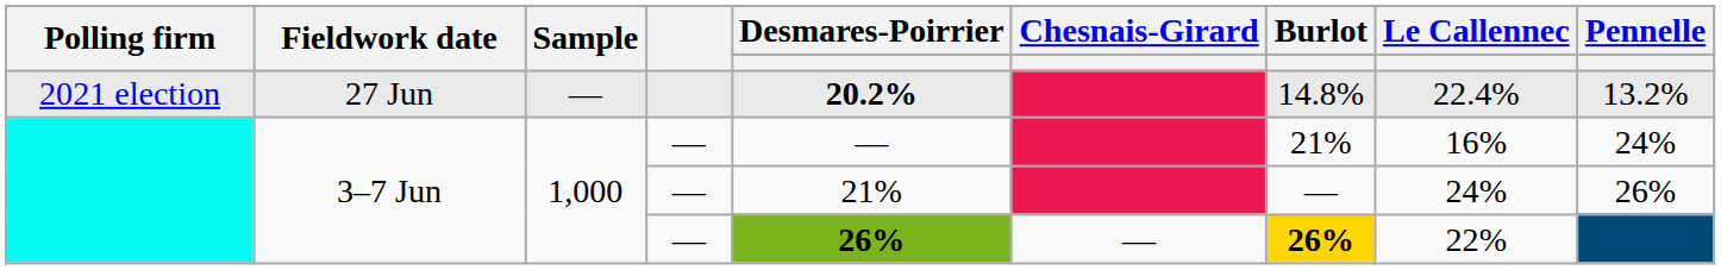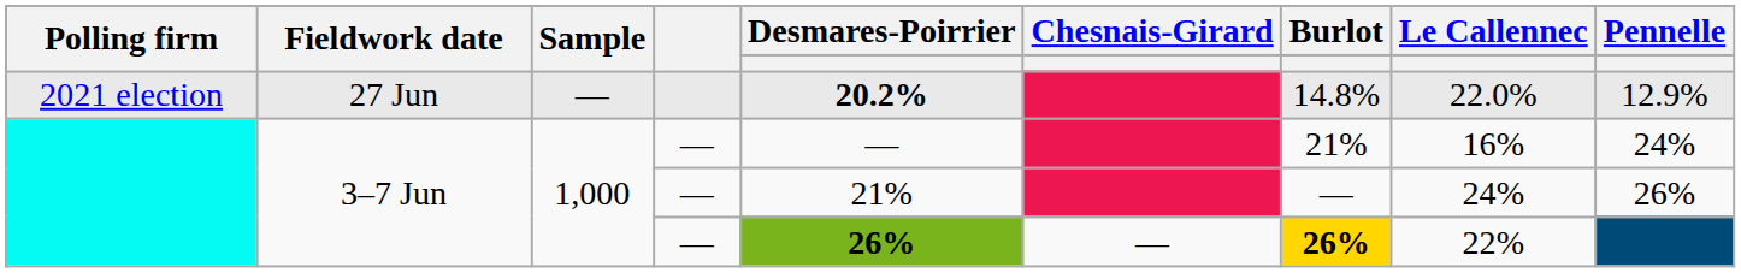 <table class="wikitable" style="text-align:center;font-size:90%;line-height:14px;">
 <tr>
 <th rowspan="2" style="width:100px;">Polling firm</th>
 <th rowspan="2" style="width:110px;">Fieldwork date</th>
 <th rowspan="2" style="width:35px;">Sample</th>
 <th rowspan="2" style="width:30px;"></th>
 <th>Desmares-Poirrier<br></th>
 <th><a href='#'>Chesnais-Girard</a><br></th>
 <th>Burlot<br></th>
 <th><a href='#'>Le Callennec</a><br></th>
 <th><a href='#'>Pennelle</a><br></th>
 </tr>
 <tr>
 <th style="background:"></th>
 <th style="background:"></th>
 <th style="background:"></th>
 <th style="background:"></th>
 <th style="background:"></th>
 </tr>
 <tr style="background:#E9E9E9;">
 <td><a href='#'>2021 election</a></td>
 <td data-sort-value="2021-06-27">27 Jun</td>
 <td>—</td>
 <td></td>
 <td><strong>20.2%</strong></td>
 <td style="background:#ED1651;"></td>
 <td>14.8%</td>
-<td>22.4%</td>
-<td>13.2%</td>
+<td>22.0%</td>
+<td>12.9%</td>
 </tr>
 <tr>
 <td rowspan=3 style="background:#04FBF4;"></td>
 <td rowspan=3>3–7 Jun</td>
 <td rowspan=3>1,000</td>
 <td>—</td>
 <td>—</td>
 <td style="background:#ED1651;"></td>
 <td>21%</td>
 <td>16%</td>
 <td>24%</td>
 </tr>
 <tr>
 <td>—</td>
 <td>21%</td>
 <td style="background:#ED1651;"></td>
 <td>—</td>
 <td>24%</td>
 <td>26%</td>
 </tr>
 <tr>
 <td>—</td>
 <td style="background:#79B41D;"><strong>26%</strong></td>
 <td>—</td>
 <td style="background:#FFD600;"><strong>26%</strong></td>
 <td>22%</td>
 <td style="background:#004A77;"></td>
 </tr>
 </table>
